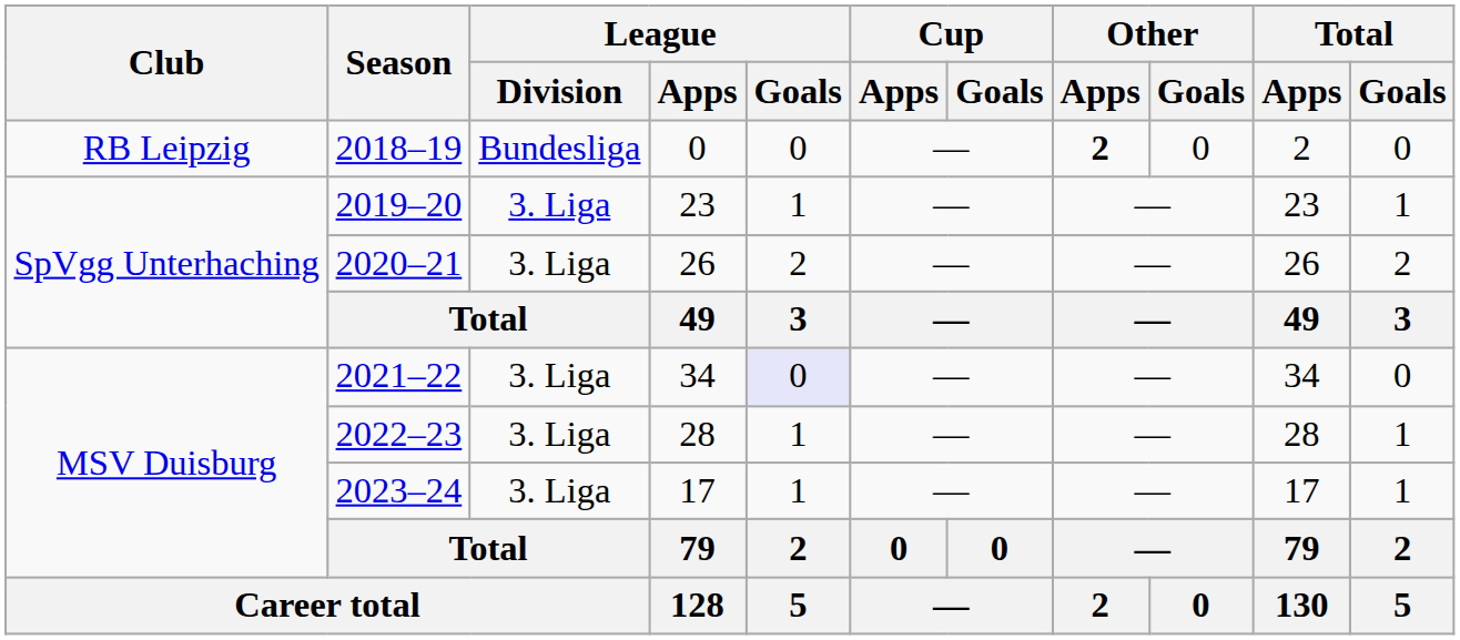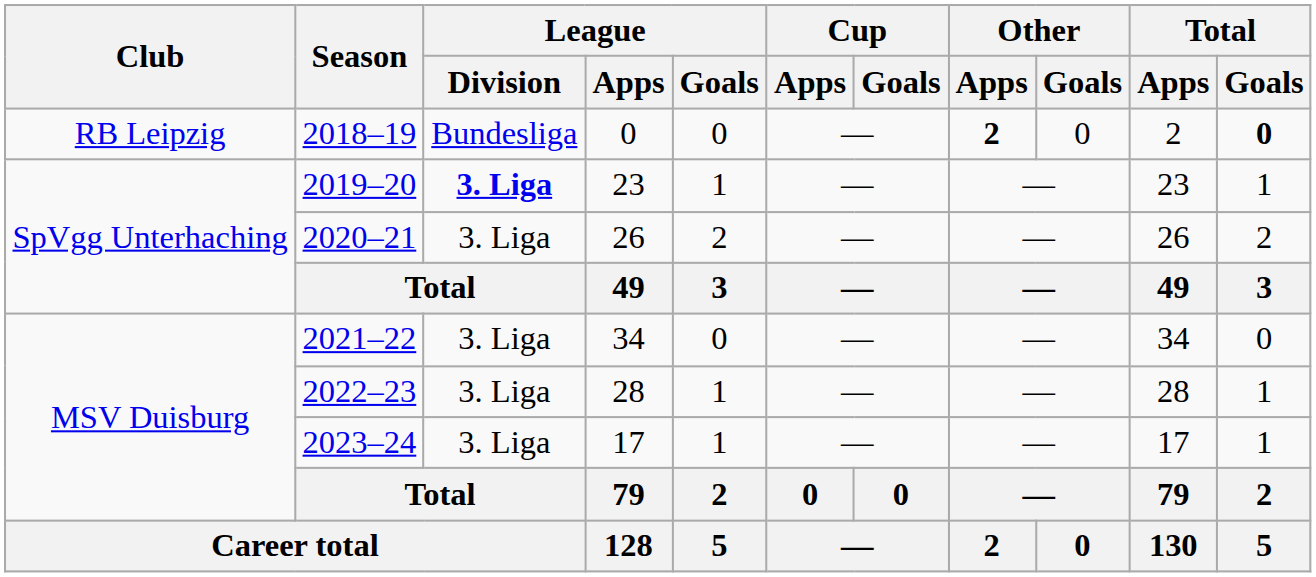 <table class="wikitable" style="text-align:center">
 <tr>
 <th rowspan="2">Club</th>
 <th rowspan="2">Season</th>
 <th colspan="3">League</th>
 <th colspan="2">Cup</th>
 <th colspan="2">Other</th>
 <th colspan="2">Total</th>
 </tr>
 <tr>
 <th>Division</th>
 <th>Apps</th>
 <th>Goals</th>
 <th>Apps</th>
 <th>Goals</th>
 <th>Apps</th>
 <th>Goals</th>
 <th>Apps</th>
 <th>Goals</th>
 </tr>
 <tr>
 <td><a href='#'>RB Leipzig</a></td>
 <td><a href='#'>2018–19</a></td>
 <td><a href='#'>Bundesliga</a></td>
 <td>0</td>
 <td>0</td>
 <td colspan="2">—</td>
 <td><strong>2</strong></td>
 <td>0</td>
 <td>2</td>
-<td>0</td>
+<td><strong>0</strong></td>
 </tr>
 <tr>
 <td rowspan="3"><a href='#'>SpVgg Unterhaching</a></td>
 <td><a href='#'>2019–20</a></td>
-<td><a href='#'>3. Liga</a></td>
+<td><strong><a href='#'>3. Liga</a></strong></td>
 <td>23</td>
 <td>1</td>
 <td colspan="2">—</td>
 <td colspan="2">—</td>
 <td>23</td>
 <td>1</td>
 </tr>
 <tr>
 <td><a href='#'>2020–21</a></td>
 <td>3. Liga</td>
 <td>26</td>
 <td>2</td>
 <td colspan="2">—</td>
 <td colspan="2">—</td>
 <td>26</td>
 <td>2</td>
 </tr>
 <tr>
 <th colspan="2">Total</th>
 <th>49</th>
 <th>3</th>
 <th colspan="2">—</th>
 <th colspan="2">—</th>
 <th>49</th>
 <th>3</th>
 </tr>
 <tr>
 <td rowspan=4><a href='#'>MSV Duisburg</a></td>
 <td><a href='#'>2021–22</a></td>
 <td>3. Liga</td>
 <td>34</td>
-<td style="background: lavender;">0</td>
+<td>0</td>
 <td colspan="2">—</td>
 <td colspan="2">—</td>
 <td>34</td>
 <td>0</td>
 </tr>
 <tr>
 <td><a href='#'>2022–23</a></td>
 <td>3. Liga</td>
 <td>28</td>
 <td>1</td>
 <td colspan="2">—</td>
 <td colspan="2">—</td>
 <td>28</td>
 <td>1</td>
 </tr>
 <tr>
 <td><a href='#'>2023–24</a></td>
 <td>3. Liga</td>
 <td>17</td>
 <td>1</td>
 <td colspan="2">—</td>
 <td colspan="2">—</td>
 <td>17</td>
 <td>1</td>
 </tr>
 <tr>
 <th colspan="2">Total</th>
 <th>79</th>
 <th>2</th>
 <th>0</th>
 <th>0</th>
 <th colspan="2">—</th>
 <th>79</th>
 <th>2</th>
 </tr>
 <tr>
 <th colspan="3">Career total</th>
 <th>128</th>
 <th>5</th>
 <th colspan="2">—</th>
 <th>2</th>
 <th>0</th>
 <th>130</th>
 <th>5</th>
 </tr>
 </table>
